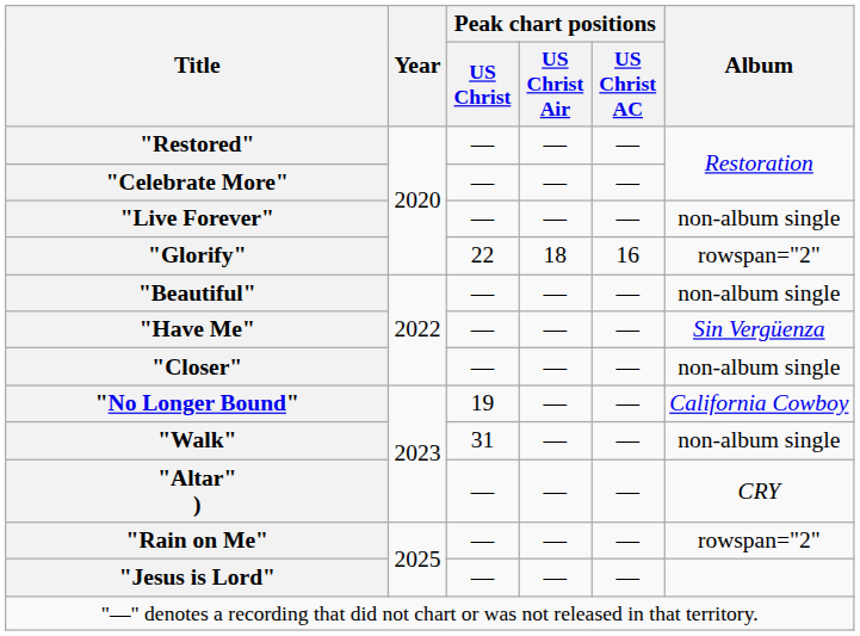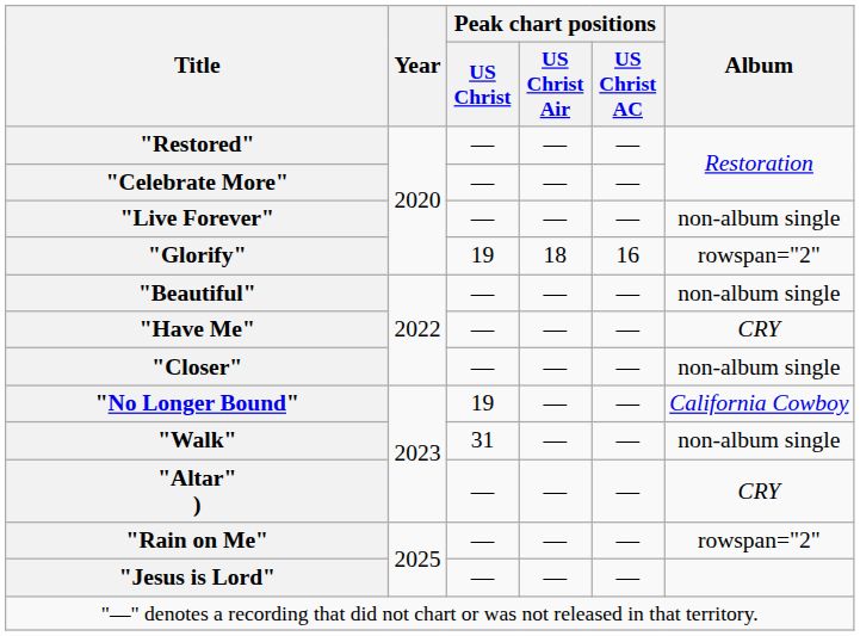 <table class="wikitable plainrowheaders" style="text-align:center;">
 <tr>
 <th scope="col" rowspan="2" style="width:16em;">Title</th>
 <th scope="col" rowspan="2">Year</th>
 <th colspan="3" scope="col">Peak chart positions</th>
 <th scope="col" rowspan="2">Album</th>
 </tr>
 <tr>
 <th scope="col" style="width:3em;font-size:90%;"><a href='#'>US<br>Christ</a><br></th>
 <th scope="col" style="width:3em;font-size:90%;"><a href='#'>US<br>Christ<br>Air</a><br></th>
 <th scope="col" style="width:3em;font-size:90%;"><a href='#'>US<br>Christ<br>AC</a><br></th>
 </tr>
 <tr>
 <th scope="row">"Restored"<br></th>
 <td rowspan="4">2020</td>
 <td>—</td>
 <td>—</td>
 <td>—</td>
 <td rowspan="2"><em><a href='#'>Restoration</a></em></td>
 </tr>
 <tr>
 <th scope="row">"Celebrate More"<br></th>
 <td>—</td>
 <td>—</td>
 <td>—</td>
 </tr>
 <tr>
 <th scope="row">"Live Forever"<br></th>
 <td>—</td>
 <td>—</td>
 <td>—</td>
 <td rowspan="1">non-album single</td>
 </tr>
 <tr>
 <th scope="row">"Glorify"<br></th>
-<td>22</td>
+<td>19</td>
 <td>18</td>
 <td>16</td>
 <td>rowspan="2" </td>
 </tr>
 <tr>
 <th scope="row">"Beautiful"</th>
 <td rowspan="3">2022</td>
 <td>—</td>
 <td>—</td>
 <td>—</td>
 <td rowspan="1">non-album single</td>
 </tr>
 <tr>
 <th scope="row">"Have Me"</th>
 <td>—</td>
 <td>—</td>
 <td>—</td>
-<td rowspan="1"><em><a href='#'>Sin Vergüenza</a></em></td>
+<td rowspan="1"><em>CRY</em></td>
 </tr>
 <tr>
 <th scope="row">"Closer"</th>
 <td>—</td>
 <td>—</td>
 <td>—</td>
 <td rowspan="1">non-album single</td>
 </tr>
 <tr>
 <th scope="row">"<a href='#'>No Longer Bound</a>"<br></th>
 <td rowspan="3">2023</td>
 <td>19</td>
 <td>—</td>
 <td>—</td>
 <td rowspan="1"><em><a href='#'>California Cowboy</a></em></td>
 </tr>
 <tr>
 <th scope="row">"Walk"<br></th>
 <td>31</td>
 <td>—</td>
 <td>—</td>
 <td rowspan="1">non-album single</td>
 </tr>
 <tr>
 <th scope="row">"Altar"<br>)</th>
 <td>—</td>
 <td>—</td>
 <td>—</td>
 <td rowspan="1"><em>CRY</em></td>
 </tr>
 <tr>
 <th scope="row">"Rain on Me"<br></th>
 <td rowspan="2">2025</td>
 <td>—</td>
 <td>—</td>
 <td>—</td>
 <td>rowspan="2" </td>
 </tr>
 <tr>
 <th scope="row">"Jesus is Lord"</th>
 <td>—</td>
 <td>—</td>
 <td>—</td>
 </tr>
 <tr>
 <td colspan="6" style="font-size:90%">"—" denotes a recording that did not chart or was not released in that territory.</td>
 </tr>
 </table>
